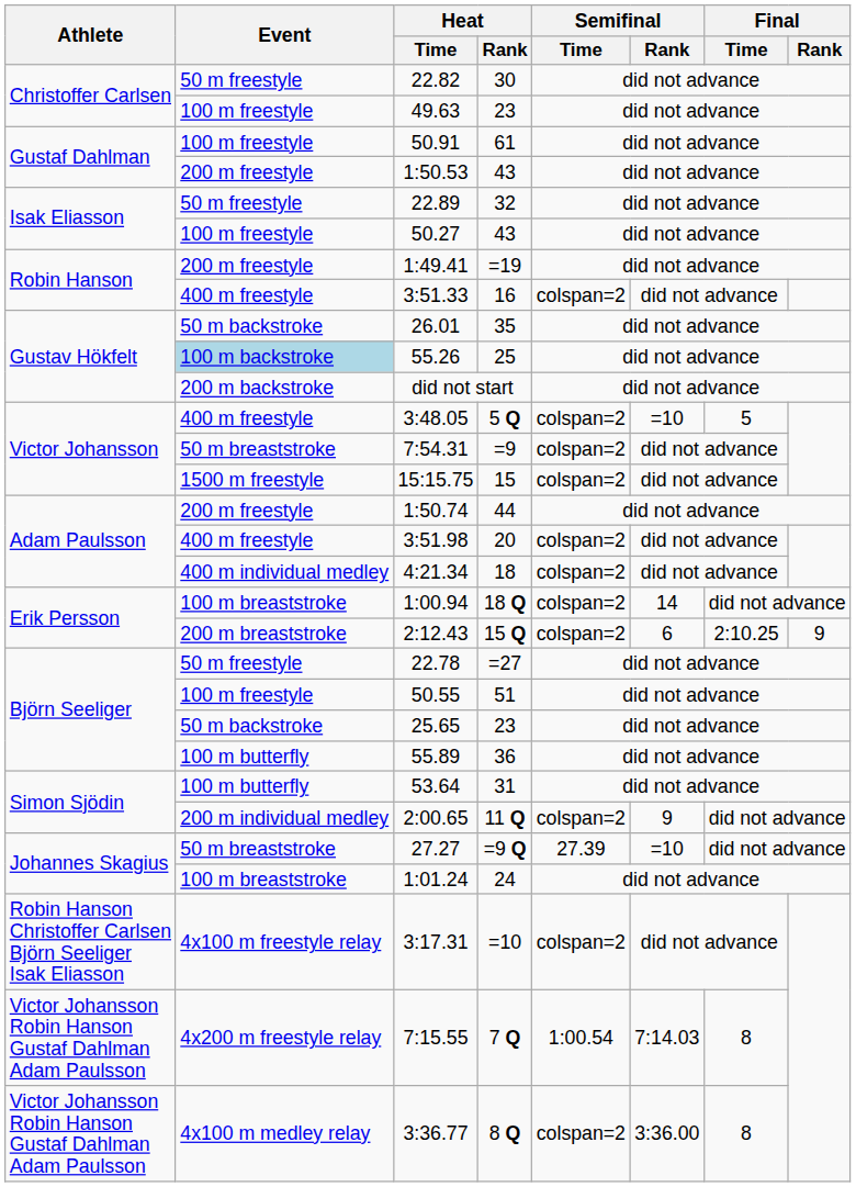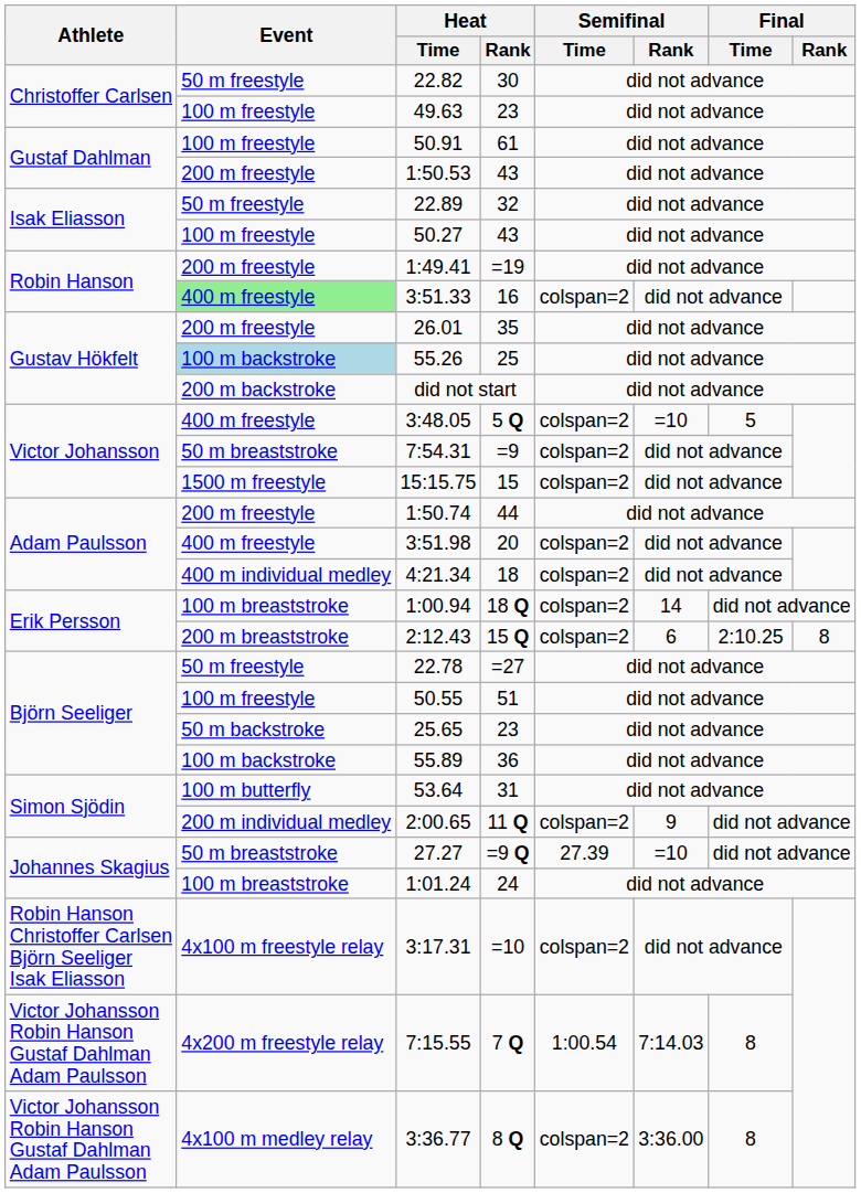 <table class=wikitable style="font-size:90%">
 <tr>
 <th rowspan="2">Athlete</th>
 <th rowspan="2">Event</th>
 <th colspan="2">Heat</th>
 <th colspan="2">Semifinal</th>
 <th colspan="2">Final</th>
 </tr>
 <tr style="font-size:95%">
 <th>Time</th>
 <th>Rank</th>
 <th>Time</th>
 <th>Rank</th>
 <th>Time</th>
 <th>Rank</th>
 </tr>
 <tr align=center>
 <td align=left rowspan=2><a href='#'>Christoffer Carlsen</a></td>
 <td align=left><a href='#'>50 m freestyle</a></td>
 <td>22.82</td>
 <td>30</td>
 <td colspan=4>did not advance</td>
 </tr>
 <tr align=center>
 <td align=left><a href='#'>100 m freestyle</a></td>
 <td>49.63</td>
 <td>23</td>
 <td colspan=4>did not advance</td>
 </tr>
 <tr align=center>
 <td align=left rowspan=2><a href='#'>Gustaf Dahlman</a></td>
 <td align=left><a href='#'>100 m freestyle</a></td>
 <td>50.91</td>
 <td>61</td>
 <td colspan=4>did not advance</td>
 </tr>
 <tr align=center>
 <td align=left><a href='#'>200 m freestyle</a></td>
 <td>1:50.53</td>
 <td>43</td>
 <td colspan=4>did not advance</td>
 </tr>
 <tr align=center>
 <td align=left rowspan=2><a href='#'>Isak Eliasson</a></td>
 <td align=left><a href='#'>50 m freestyle</a></td>
 <td>22.89</td>
 <td>32</td>
 <td colspan=4>did not advance</td>
 </tr>
 <tr align=center>
 <td align=left><a href='#'>100 m freestyle</a></td>
 <td>50.27</td>
 <td>43</td>
 <td colspan=4>did not advance</td>
 </tr>
 <tr align=center>
 <td align=left rowspan=2><a href='#'>Robin Hanson</a></td>
 <td align=left><a href='#'>200 m freestyle</a></td>
 <td>1:49.41</td>
 <td>=19</td>
 <td colspan=4>did not advance</td>
 </tr>
 <tr align=center>
-<td align=left><a href='#'>400 m freestyle</a></td>
+<td align=left style="background: lightgreen;"><a href='#'>400 m freestyle</a></td>
 <td>3:51.33</td>
 <td>16</td>
 <td>colspan=2 </td>
 <td colspan=2>did not advance</td>
 </tr>
 <tr align=center>
 <td align=left rowspan=3><a href='#'>Gustav Hökfelt</a></td>
-<td align=left><a href='#'>50 m backstroke</a></td>
+<td align=left><a href='#'>200 m freestyle</a></td>
 <td>26.01</td>
 <td>35</td>
 <td colspan=4>did not advance</td>
 </tr>
 <tr align=center>
 <td align=left style="background: lightblue;"><a href='#'>100 m backstroke</a></td>
 <td>55.26</td>
 <td>25</td>
 <td colspan=4>did not advance</td>
 </tr>
 <tr align=center>
 <td align=left><a href='#'>200 m backstroke</a></td>
 <td colspan=2>did not start</td>
 <td colspan=4>did not advance</td>
 </tr>
 <tr align=center>
 <td align=left rowspan=3><a href='#'>Victor Johansson</a></td>
 <td align=left><a href='#'>400 m freestyle</a></td>
 <td>3:48.05</td>
 <td>5 <strong>Q</strong></td>
 <td>colspan=2 </td>
 <td>=10</td>
 <td>5</td>
 </tr>
 <tr align=center>
 <td align=left><a href='#'>50 m breaststroke</a></td>
 <td>7:54.31</td>
 <td>=9</td>
 <td>colspan=2 </td>
 <td colspan=2>did not advance</td>
 </tr>
 <tr align=center>
 <td align=left><a href='#'>1500 m freestyle</a></td>
 <td>15:15.75</td>
 <td>15</td>
 <td>colspan=2 </td>
 <td colspan=2>did not advance</td>
 </tr>
 <tr align=center>
 <td align=left rowspan=3><a href='#'>Adam Paulsson</a></td>
 <td align=left><a href='#'>200 m freestyle</a></td>
 <td>1:50.74</td>
 <td>44</td>
 <td colspan=4>did not advance</td>
 </tr>
 <tr align=center>
 <td align=left><a href='#'>400 m freestyle</a></td>
 <td>3:51.98</td>
 <td>20</td>
 <td>colspan=2 </td>
 <td colspan=2>did not advance</td>
 </tr>
 <tr align=center>
 <td align=left><a href='#'>400 m individual medley</a></td>
 <td>4:21.34</td>
 <td>18</td>
 <td>colspan=2 </td>
 <td colspan=2>did not advance</td>
 </tr>
 <tr align=center>
 <td align=left rowspan=2><a href='#'>Erik Persson</a></td>
 <td align=left><a href='#'>100 m breaststroke</a></td>
 <td>1:00.94</td>
 <td>18 <strong>Q</strong></td>
 <td>colspan=2 </td>
 <td>14</td>
 <td colspan=2>did not advance</td>
 </tr>
 <tr align=center>
 <td align=left><a href='#'>200 m breaststroke</a></td>
 <td>2:12.43</td>
 <td>15 <strong>Q</strong></td>
 <td>colspan=2 </td>
 <td>6</td>
 <td>2:10.25</td>
-<td>9</td>
+<td>8</td>
 </tr>
 <tr align=center>
 <td align=left rowspan=4><a href='#'>Björn Seeliger</a></td>
 <td align=left><a href='#'>50 m freestyle</a></td>
 <td>22.78</td>
 <td>=27</td>
 <td colspan=4>did not advance</td>
 </tr>
 <tr align=center>
 <td align=left><a href='#'>100 m freestyle</a></td>
 <td>50.55</td>
 <td>51</td>
 <td colspan=4>did not advance</td>
 </tr>
 <tr align=center>
 <td align=left><a href='#'>50 m backstroke</a></td>
 <td>25.65</td>
 <td>23</td>
 <td colspan=4>did not advance</td>
 </tr>
 <tr align=center>
-<td align=left><a href='#'>100 m butterfly</a></td>
+<td align=left><a href='#'>100 m backstroke</a></td>
 <td>55.89</td>
 <td>36</td>
 <td colspan=4>did not advance</td>
 </tr>
 <tr align=center>
 <td align=left rowspan=2><a href='#'>Simon Sjödin</a></td>
 <td align=left><a href='#'>100 m butterfly</a></td>
 <td>53.64</td>
 <td>31</td>
 <td colspan=4>did not advance</td>
 </tr>
 <tr align=center>
 <td align=left><a href='#'>200 m individual medley</a></td>
 <td>2:00.65</td>
 <td>11 <strong>Q</strong></td>
 <td>colspan=2 </td>
 <td>9</td>
 <td colspan=2>did not advance</td>
 </tr>
 <tr align=center>
 <td align=left rowspan=2><a href='#'>Johannes Skagius</a></td>
 <td align=left><a href='#'>50 m breaststroke</a></td>
 <td>27.27</td>
 <td>=9 <strong>Q</strong></td>
 <td>27.39</td>
 <td>=10</td>
 <td colspan=2>did not advance</td>
 </tr>
 <tr align=center>
 <td align=left><a href='#'>100 m breaststroke</a></td>
 <td>1:01.24</td>
 <td>24</td>
 <td colspan=4>did not advance</td>
 </tr>
 <tr align=center>
 <td align=left><a href='#'>Robin Hanson</a><br><a href='#'>Christoffer Carlsen</a><br><a href='#'>Björn Seeliger</a><br><a href='#'>Isak Eliasson</a></td>
 <td align=left><a href='#'>4x100 m freestyle relay</a></td>
 <td>3:17.31</td>
 <td>=10</td>
 <td>colspan=2 </td>
 <td colspan=2>did not advance</td>
 </tr>
 <tr align=center>
 <td align=left><a href='#'>Victor Johansson</a><br><a href='#'>Robin Hanson</a><br><a href='#'>Gustaf Dahlman</a><br><a href='#'>Adam Paulsson</a></td>
 <td align=left><a href='#'>4x200 m freestyle relay</a></td>
 <td>7:15.55</td>
 <td>7 <strong>Q</strong></td>
 <td>1:00.54</td>
 <td>7:14.03</td>
 <td>8</td>
 </tr>
 <tr align=center>
 <td align=left><a href='#'>Victor Johansson</a><br><a href='#'>Robin Hanson</a><br><a href='#'>Gustaf Dahlman</a><br><a href='#'>Adam Paulsson</a></td>
 <td align=left><a href='#'>4x100 m medley relay</a></td>
 <td>3:36.77</td>
 <td>8 <strong>Q</strong></td>
 <td>colspan=2 </td>
 <td>3:36.00</td>
 <td>8</td>
 </tr>
 </table>
